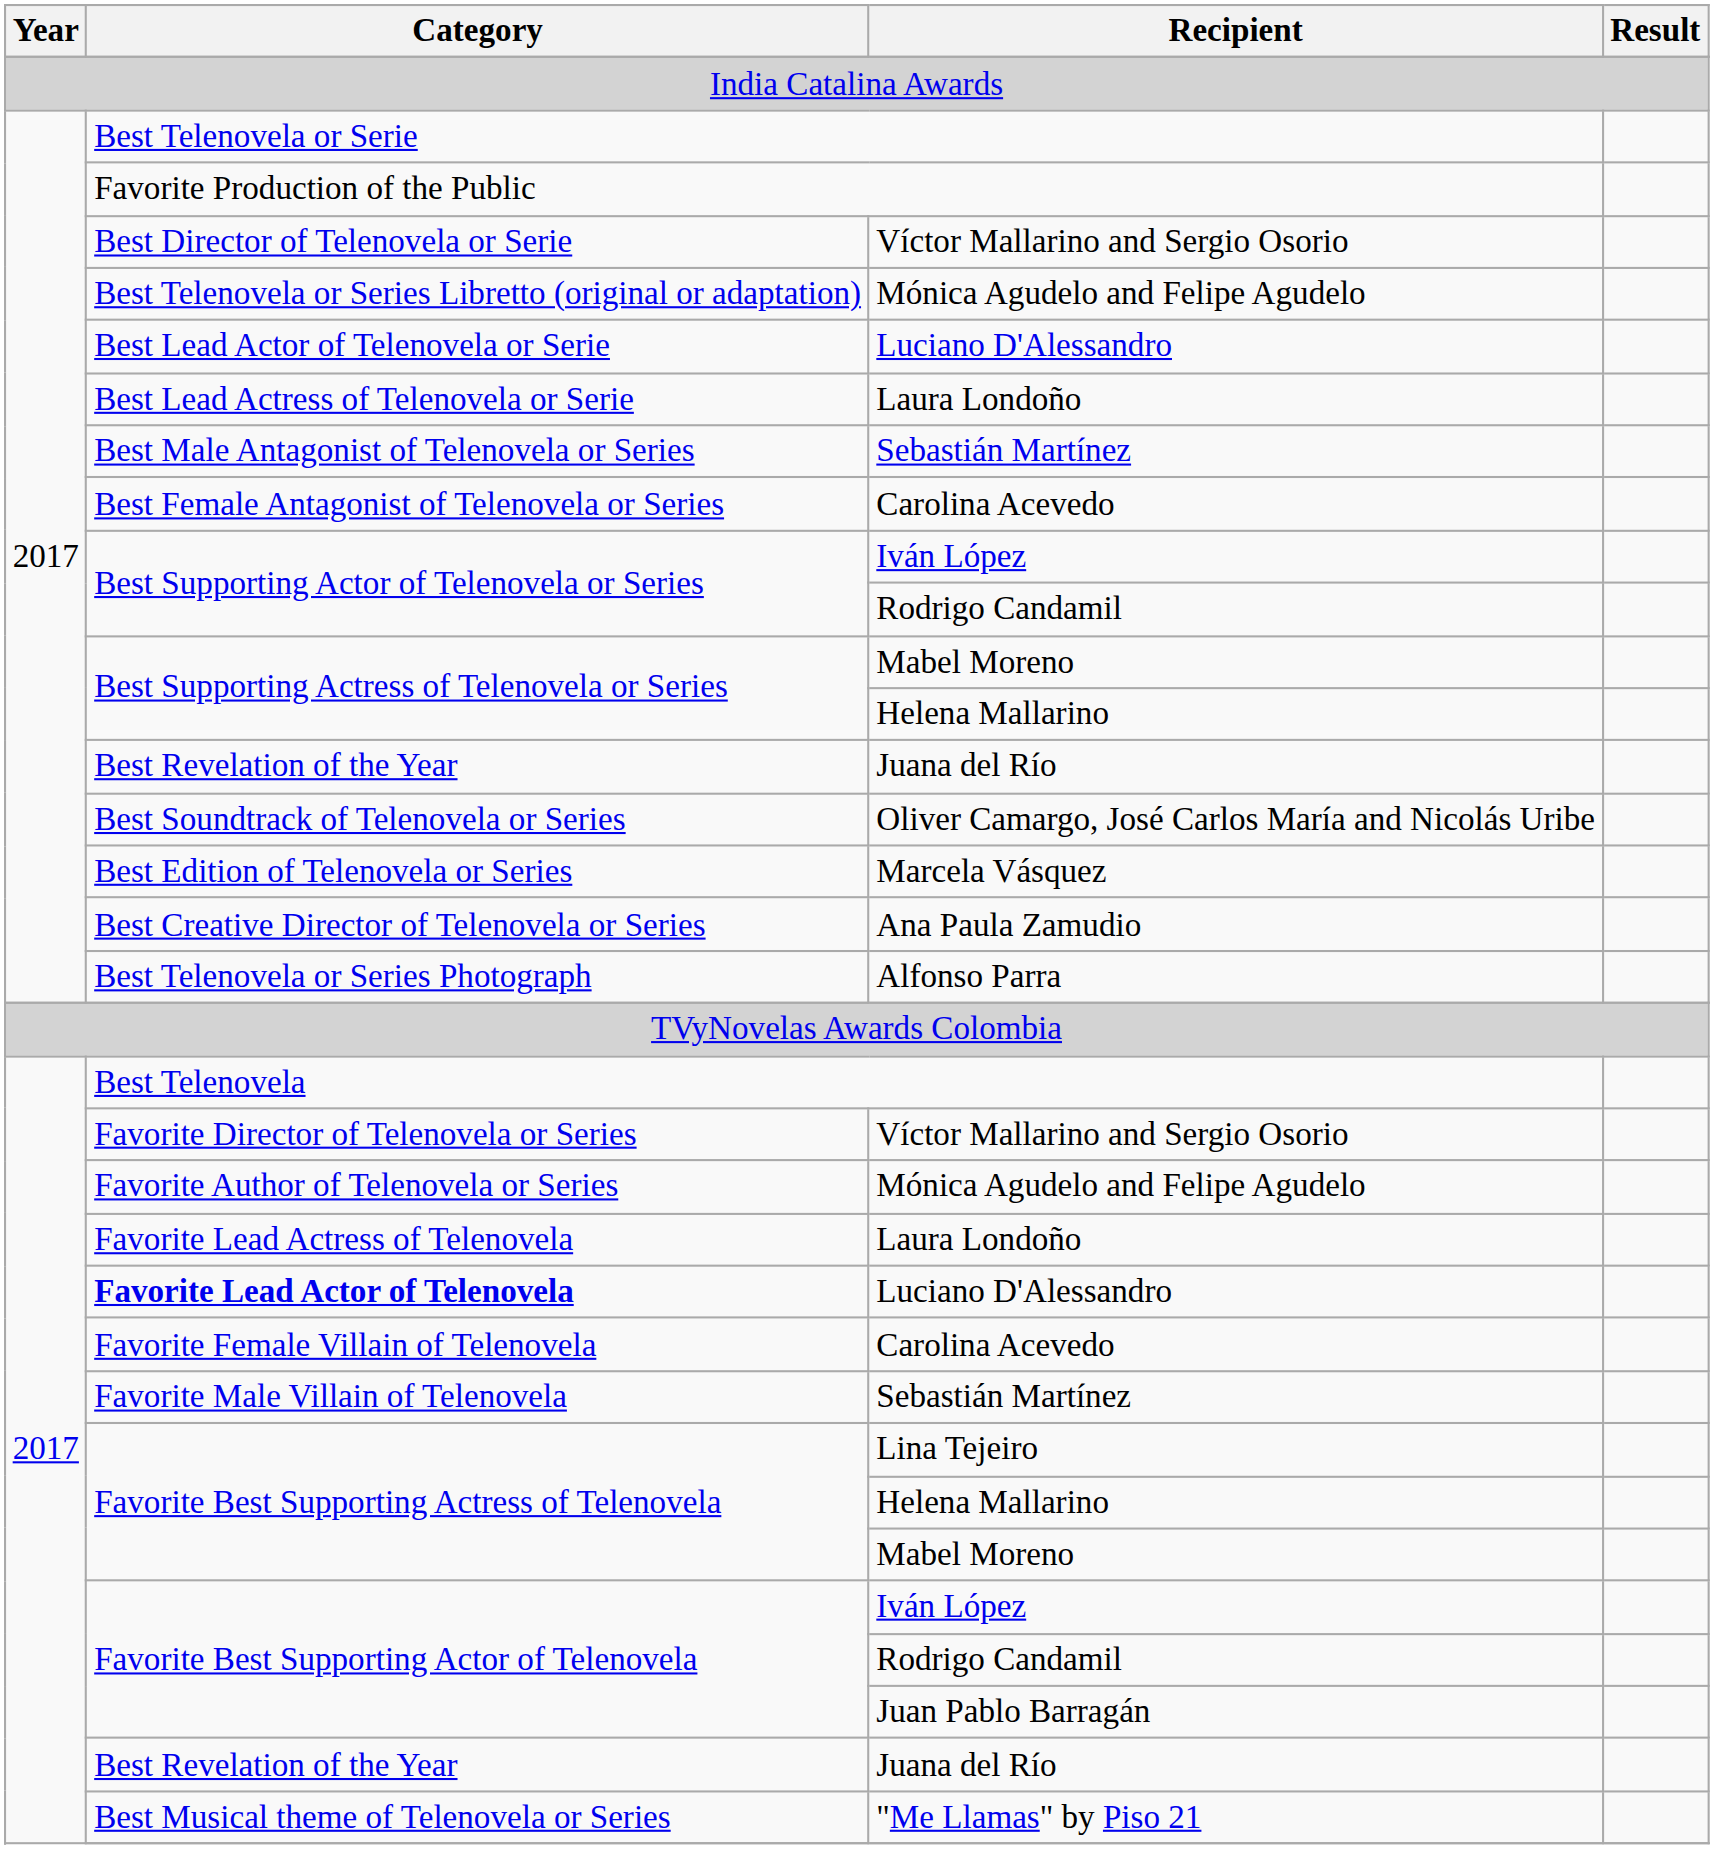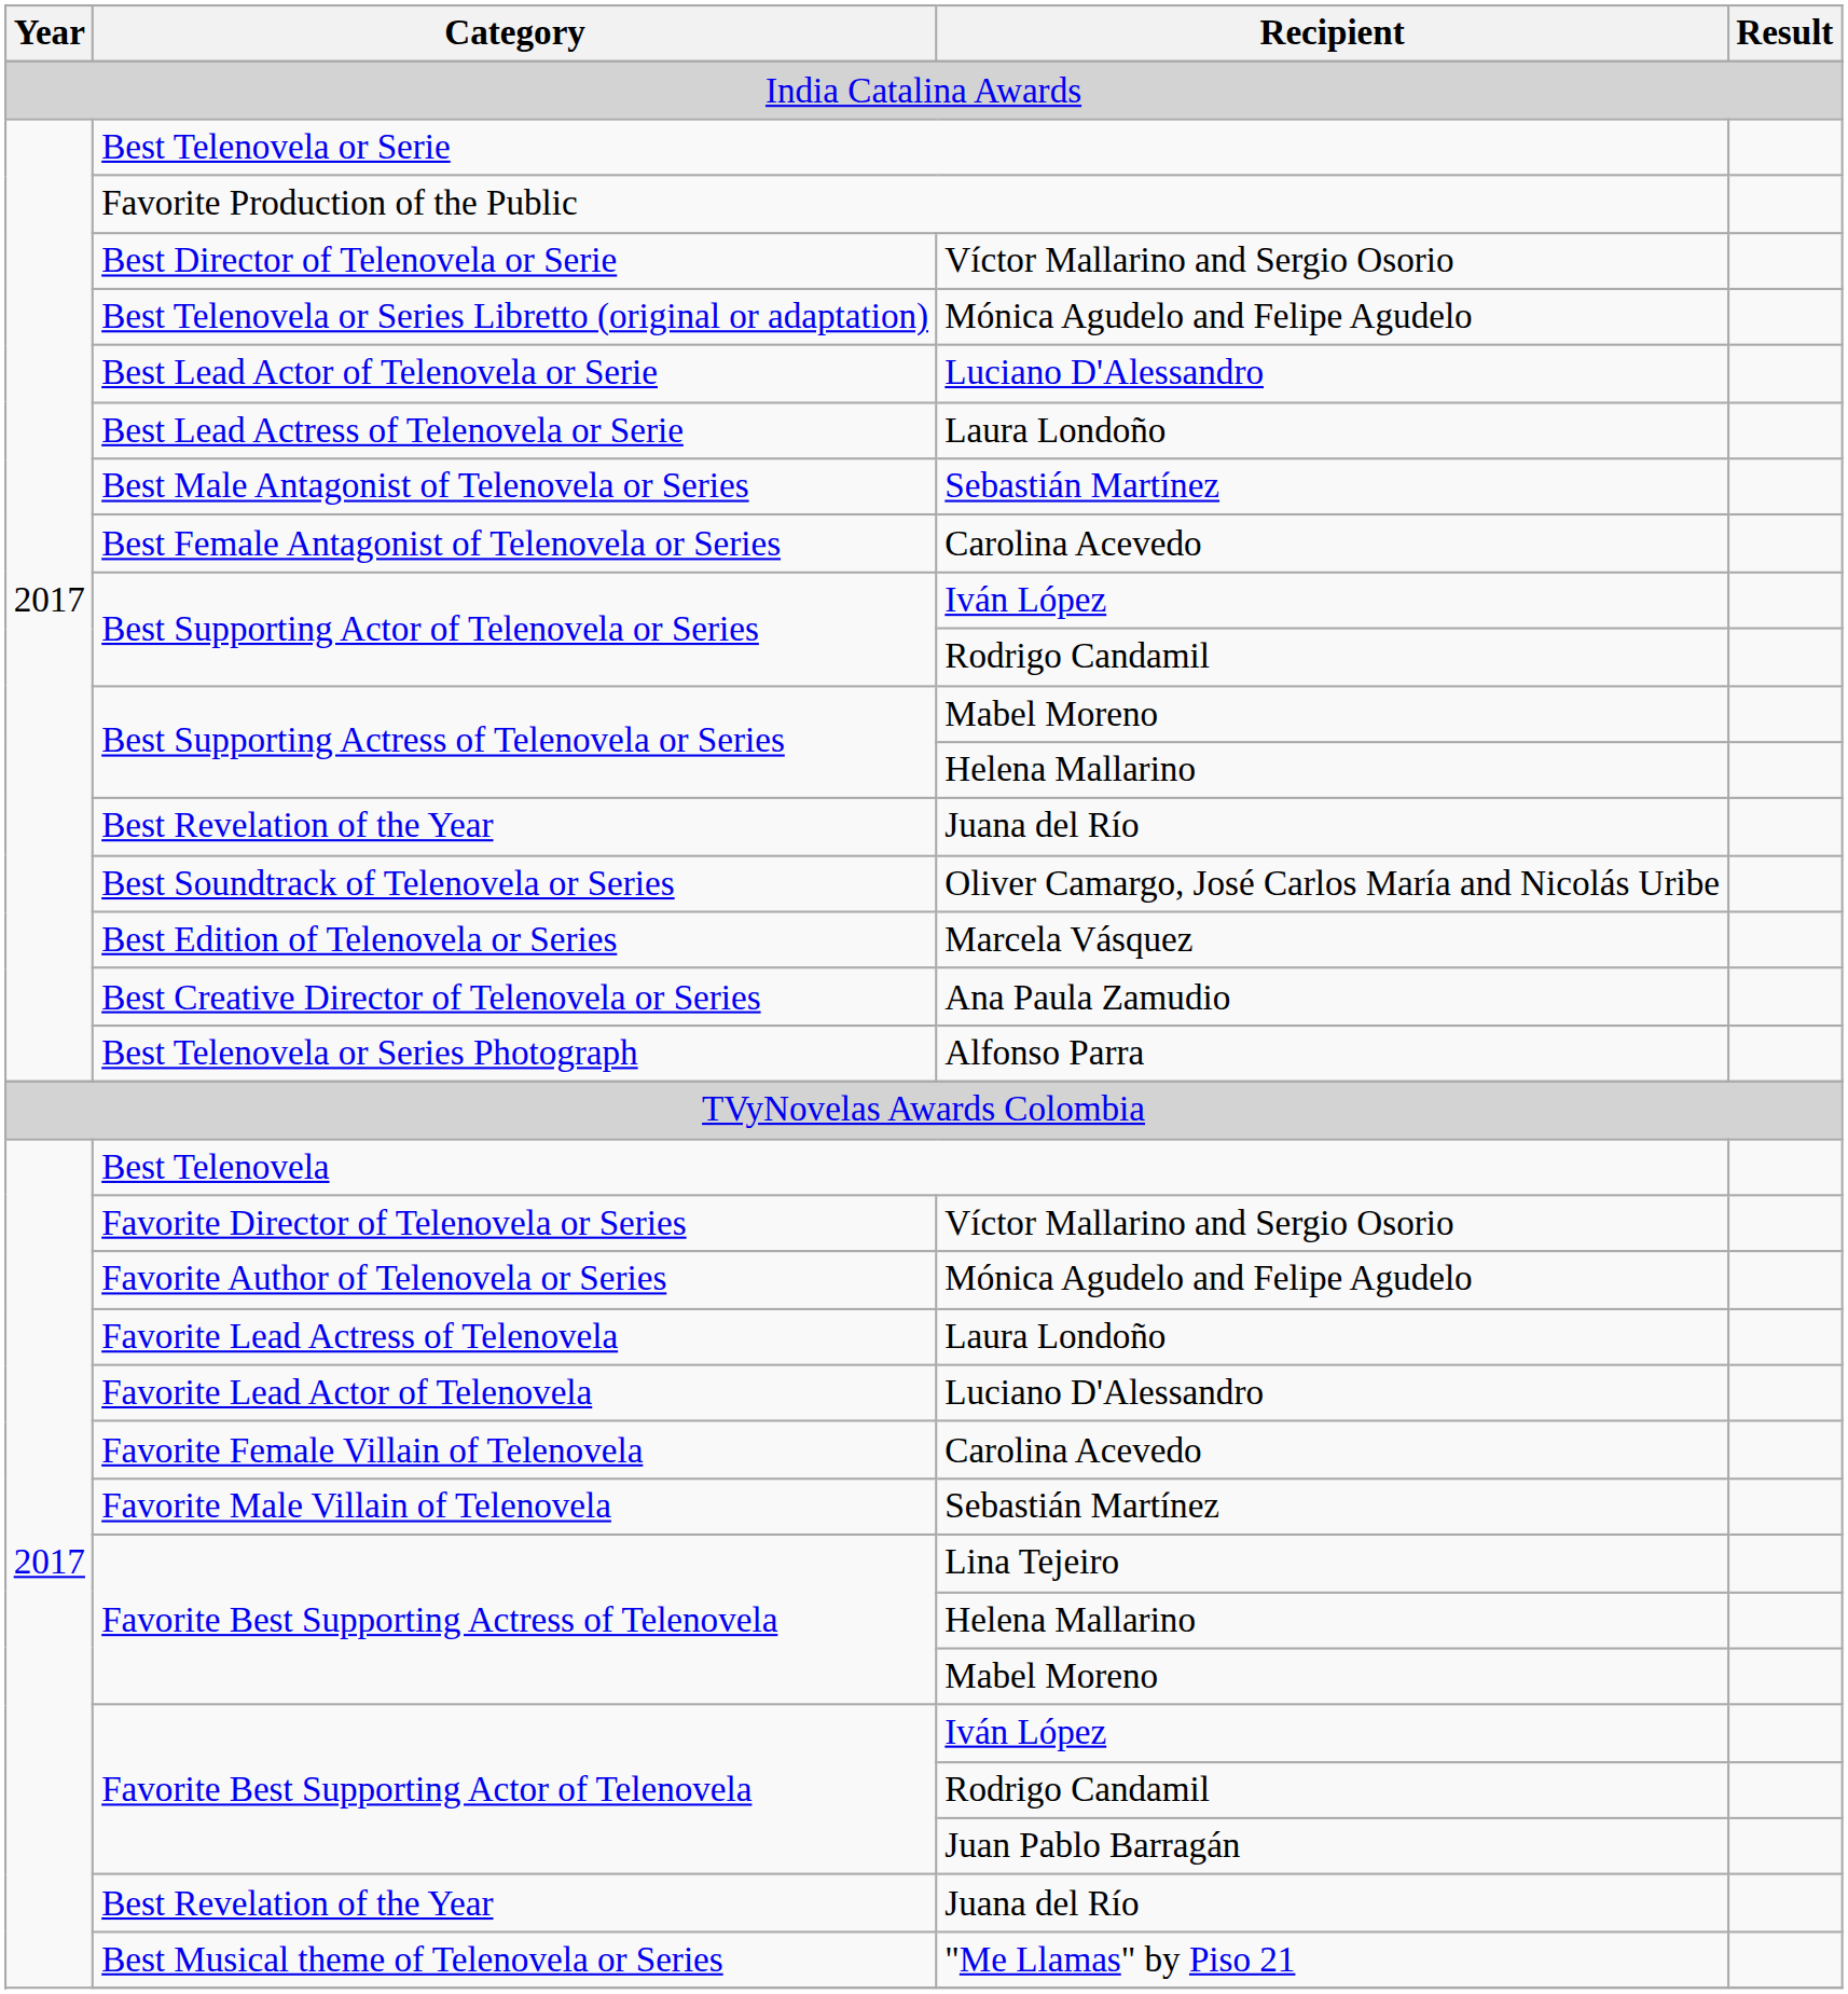 <table class="wikitable plainrowheaders">
 <tr>
 <th scope="col">Year</th>
 <th scope="col">Category</th>
 <th scope="col">Recipient</th>
 <th scope="col">Result</th>
 </tr>
 <tr>
 </tr>
 <tr bgcolor="LightGray">
 <td colspan=4 align=center><a href='#'>India Catalina Awards</a></td>
 </tr>
 <tr>
 <td rowspan="17">2017</td>
 <td colspan=2><a href='#'>Best Telenovela or Serie</a></td>
 <td></td>
 </tr>
 <tr>
 <td colspan=2>Favorite Production of the Public</td>
 <td></td>
 </tr>
 <tr>
 <td><a href='#'>Best Director of Telenovela or Serie</a></td>
 <td>Víctor Mallarino and Sergio Osorio</td>
 <td></td>
 </tr>
 <tr>
 <td><a href='#'>Best Telenovela or Series Libretto (original or adaptation)</a></td>
 <td>Mónica Agudelo and Felipe Agudelo</td>
 <td></td>
 </tr>
 <tr>
 <td><a href='#'>Best Lead Actor of Telenovela or Serie</a></td>
 <td><a href='#'>Luciano D'Alessandro</a></td>
 <td></td>
 </tr>
 <tr>
 <td><a href='#'>Best Lead Actress of Telenovela or Serie</a></td>
 <td>Laura Londoño</td>
 <td></td>
 </tr>
 <tr>
 <td><a href='#'>Best Male Antagonist of Telenovela or Series</a></td>
 <td><a href='#'>Sebastián Martínez</a></td>
 <td></td>
 </tr>
 <tr>
 <td><a href='#'>Best Female Antagonist of Telenovela or Series</a></td>
 <td>Carolina Acevedo</td>
 <td></td>
 </tr>
 <tr>
 <td rowspan=2><a href='#'>Best Supporting Actor of Telenovela or Series</a></td>
 <td><a href='#'>Iván López</a></td>
 <td></td>
 </tr>
 <tr>
 <td>Rodrigo Candamil</td>
 <td></td>
 </tr>
 <tr>
 <td rowspan=2><a href='#'>Best Supporting Actress of Telenovela or Series</a></td>
 <td>Mabel Moreno</td>
 <td></td>
 </tr>
 <tr>
 <td>Helena Mallarino</td>
 <td></td>
 </tr>
 <tr>
 <td><a href='#'>Best Revelation of the Year</a></td>
 <td>Juana del Río</td>
 <td></td>
 </tr>
 <tr>
 <td><a href='#'>Best Soundtrack of Telenovela or Series</a></td>
 <td>Oliver Camargo, José Carlos María and Nicolás Uribe</td>
 <td></td>
 </tr>
 <tr>
 <td><a href='#'>Best Edition of Telenovela or Series</a></td>
 <td>Marcela Vásquez</td>
 <td></td>
 </tr>
 <tr>
 <td><a href='#'>Best Creative Director of Telenovela or Series</a></td>
 <td>Ana Paula Zamudio</td>
 <td></td>
 </tr>
 <tr>
 <td><a href='#'>Best Telenovela or Series Photograph</a></td>
 <td>Alfonso Parra</td>
 <td></td>
 </tr>
 <tr>
 </tr>
 <tr bgcolor="LightGray">
 <td colspan=4 align=center><a href='#'>TVyNovelas Awards Colombia</a></td>
 </tr>
 <tr>
 <td rowspan="18"><a href='#'>2017</a></td>
 <td colspan=2><a href='#'>Best Telenovela</a></td>
 <td></td>
 </tr>
 <tr>
 <td><a href='#'>Favorite Director of Telenovela or Series</a></td>
 <td>Víctor Mallarino and Sergio Osorio</td>
 <td></td>
 </tr>
 <tr>
 <td><a href='#'>Favorite Author of Telenovela or Series</a></td>
 <td>Mónica Agudelo and Felipe Agudelo</td>
 <td></td>
 </tr>
 <tr>
 <td><a href='#'>Favorite Lead Actress of Telenovela</a></td>
 <td>Laura Londoño</td>
 <td></td>
 </tr>
 <tr>
-<td><strong><a href='#'>Favorite Lead Actor of Telenovela</a></strong></td>
+<td><a href='#'>Favorite Lead Actor of Telenovela</a></td>
 <td>Luciano D'Alessandro</td>
 <td></td>
 </tr>
 <tr>
 <td><a href='#'>Favorite Female Villain of Telenovela</a></td>
 <td>Carolina Acevedo</td>
 <td></td>
 </tr>
 <tr>
 <td><a href='#'>Favorite Male Villain of Telenovela</a></td>
 <td>Sebastián Martínez</td>
 <td></td>
 </tr>
 <tr>
 <td rowspan=3><a href='#'>Favorite Best Supporting Actress of Telenovela</a></td>
 <td>Lina Tejeiro</td>
 <td></td>
 </tr>
 <tr>
 <td>Helena Mallarino</td>
 <td></td>
 </tr>
 <tr>
 <td>Mabel Moreno</td>
 <td></td>
 </tr>
 <tr>
 <td rowspan=3><a href='#'>Favorite Best Supporting Actor of Telenovela</a></td>
 <td><a href='#'>Iván López</a></td>
 <td></td>
 </tr>
 <tr>
 <td>Rodrigo Candamil</td>
 <td></td>
 </tr>
 <tr>
 <td>Juan Pablo Barragán</td>
 <td></td>
 </tr>
 <tr>
 <td><a href='#'>Best Revelation of the Year</a></td>
 <td>Juana del Río</td>
 <td></td>
 </tr>
 <tr>
 <td><a href='#'>Best Musical theme of Telenovela or Series</a></td>
 <td>"<a href='#'>Me Llamas</a>" by <a href='#'>Piso 21</a></td>
 <td></td>
 </tr>
 <tr>
 </tr>
 </table>
